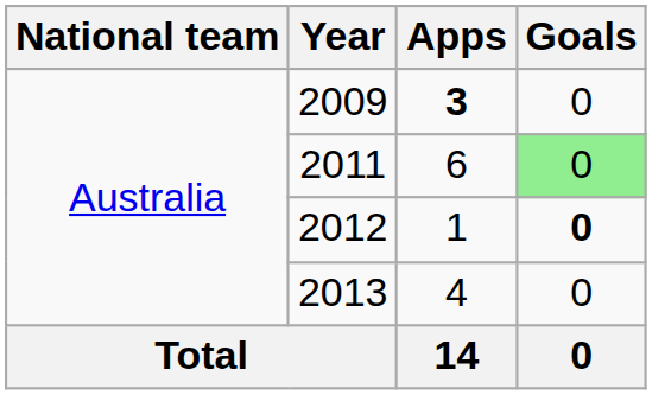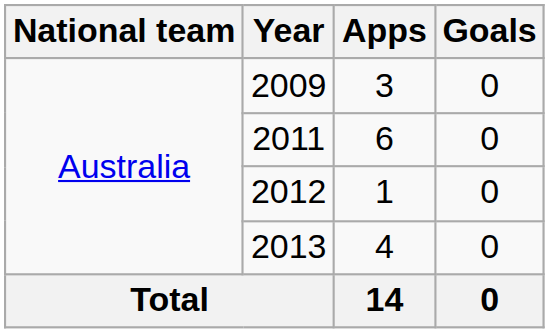 <table class="wikitable" style="font-size:100%; text-align: center">
 <tr>
 <th>National team</th>
 <th>Year</th>
 <th>Apps</th>
 <th>Goals</th>
 </tr>
 <tr>
 <td rowspan="4"><a href='#'>Australia</a></td>
 <td>2009</td>
-<td><strong>3</strong></td>
+<td>3</td>
 <td>0</td>
 </tr>
 <tr>
 <td>2011</td>
 <td>6</td>
-<td style="background: lightgreen;">0</td>
+<td>0</td>
 </tr>
 <tr>
 <td>2012</td>
 <td>1</td>
-<td><strong>0</strong></td>
+<td>0</td>
 </tr>
 <tr>
 <td>2013</td>
 <td>4</td>
 <td>0</td>
 </tr>
 <tr>
 <th colspan=2>Total</th>
 <th>14</th>
 <th>0</th>
 </tr>
 </table>
